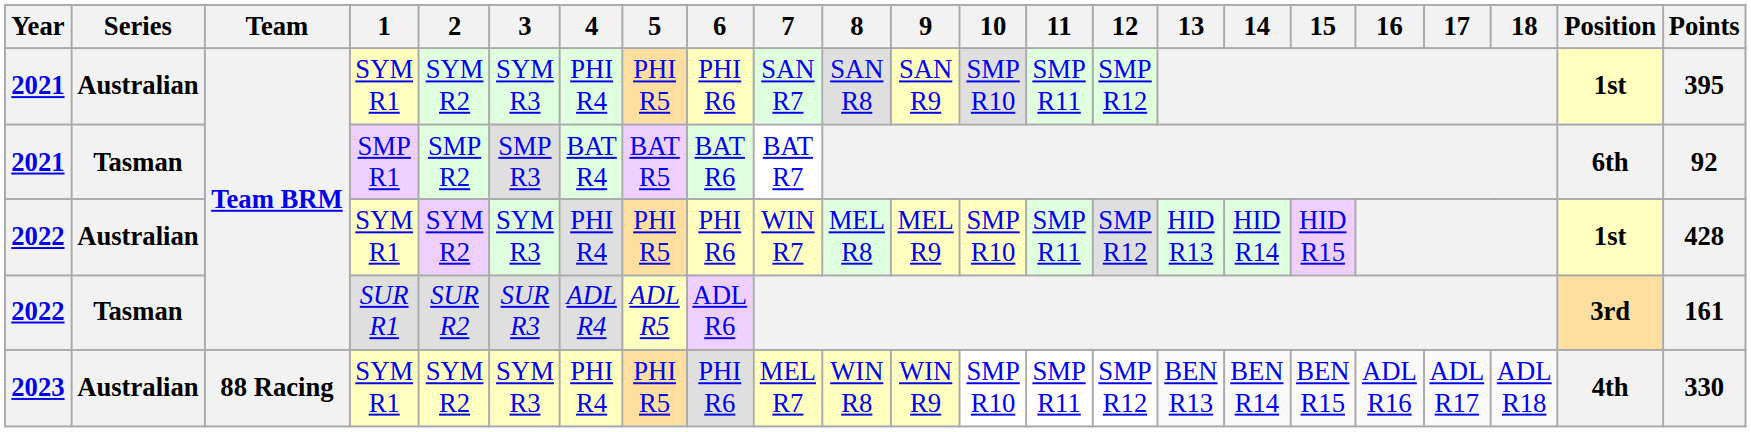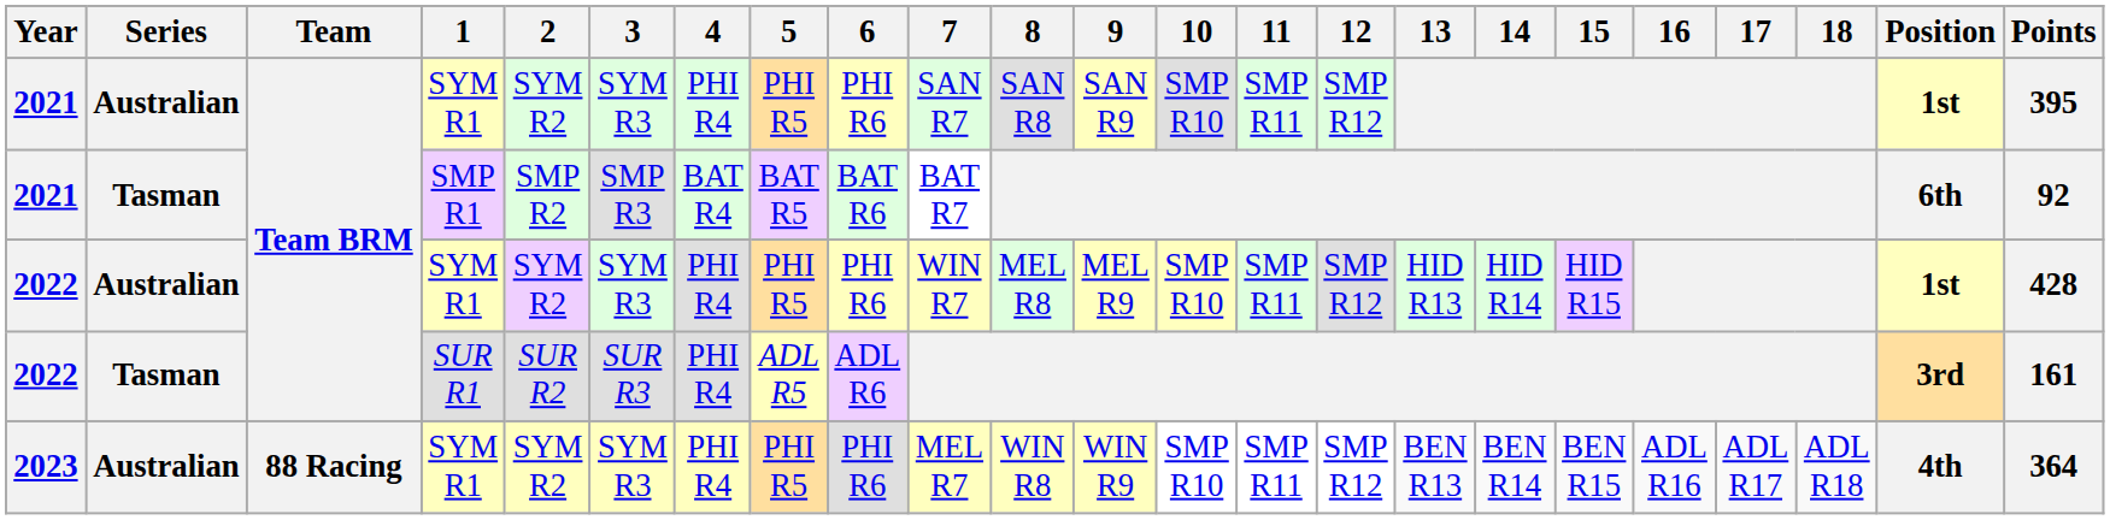 <table class="wikitable" style="text-align:center; font-size:85%">
 <tr>
 <th>Year</th>
 <th>Series</th>
 <th>Team</th>
 <th>1</th>
 <th>2</th>
 <th>3</th>
 <th>4</th>
 <th>5</th>
 <th>6</th>
 <th>7</th>
 <th>8</th>
 <th>9</th>
 <th>10</th>
 <th>11</th>
 <th>12</th>
 <th>13</th>
 <th>14</th>
 <th>15</th>
 <th>16</th>
 <th>17</th>
 <th>18</th>
 <th>Position</th>
 <th>Points</th>
 </tr>
 <tr>
 <th><a href='#'>2021</a></th>
 <th>Australian</th>
 <th rowspan=4 nowrap><a href='#'>Team BRM</a></th>
 <td style="background:#ffffbf"><a href='#'>SYM<br>R1</a><br></td>
 <td style="background:#dfffdf"><a href='#'>SYM<br>R2</a><br></td>
 <td style="background:#dfffdf"><a href='#'>SYM<br>R3</a><br></td>
 <td style="background:#dfffdf"><a href='#'>PHI<br>R4</a><br></td>
 <td style="background:#ffdf9f"><a href='#'>PHI<br>R5</a><br></td>
 <td style="background:#ffffbf"><a href='#'>PHI<br>R6</a><br></td>
 <td style="background:#dfffdf"><a href='#'>SAN<br>R7</a><br></td>
 <td style="background:#dfdfdf"><a href='#'>SAN<br>R8</a><br></td>
 <td style="background:#ffffbf"><a href='#'>SAN<br>R9</a><br></td>
 <td style="background:#dfdfdf"><a href='#'>SMP<br>R10</a><br></td>
 <td style="background:#dfffdf"><a href='#'>SMP<br>R11</a><br></td>
 <td style="background:#dfffdf"><a href='#'>SMP<br>R12</a><br></td>
 <th colspan=6></th>
 <th style="background:#ffffbf">1st</th>
 <th>395</th>
 </tr>
 <tr>
 <th><a href='#'>2021</a></th>
 <th>Tasman</th>
 <td style="background:#EFCFFF"><a href='#'>SMP<br>R1</a><br></td>
 <td style="background:#dfffdf"><a href='#'>SMP<br>R2</a><br></td>
 <td style="background:#dfdfdf"><a href='#'>SMP<br>R3</a><br></td>
 <td style="background:#dfffdf"><a href='#'>BAT<br>R4</a><br></td>
 <td style="background:#EFCFFF"><a href='#'>BAT<br>R5</a><br></td>
 <td style="background:#dfffdf"><a href='#'>BAT<br>R6</a><br></td>
 <td style="background:#ffffff"><a href='#'>BAT<br>R7</a><br></td>
 <th colspan=11></th>
 <th>6th</th>
 <th>92</th>
 </tr>
 <tr>
 <th><a href='#'>2022</a></th>
 <th>Australian</th>
 <td style="background:#ffffbf"><a href='#'>SYM<br>R1</a><br></td>
 <td style="background:#efcfff"><a href='#'>SYM<br>R2</a><br></td>
 <td style="background:#dfffdf"><a href='#'>SYM<br>R3</a><br></td>
 <td style="background:#dfdfdf"><a href='#'>PHI<br>R4</a><br></td>
 <td style="background:#ffdf9f"><a href='#'>PHI<br>R5</a><br></td>
 <td style="background:#ffffbf"><a href='#'>PHI<br>R6</a><br></td>
 <td style="background:#ffffbf"><a href='#'>WIN<br>R7</a><br></td>
 <td style="background:#dfffdf"><a href='#'>MEL<br>R8</a><br></td>
 <td style="background:#FFFFBF"><a href='#'>MEL<br>R9</a><br></td>
 <td style="background:#ffffbf"><a href='#'>SMP<br>R10</a><br></td>
 <td style="background:#dfffdf"><a href='#'>SMP<br>R11</a><br></td>
 <td style="background:#dfdfdf"><a href='#'>SMP<br>R12</a><br></td>
 <td style="background:#dfffdf"><a href='#'>HID<br>R13</a><br></td>
 <td style="background:#dfffdf"><a href='#'>HID<br>R14</a><br></td>
 <td style="background:#efcfff"><a href='#'>HID<br>R15</a><br></td>
 <th colspan=3></th>
 <th style="background:#FFFFBF"><strong>1st</strong></th>
 <th>428</th>
 </tr>
 <tr>
 <th><a href='#'>2022</a></th>
 <th>Tasman</th>
 <td style="background:#dfdfdf"><em><a href='#'>SUR<br>R1</a><br></em></td>
 <td style="background:#dfdfdf"><em><a href='#'>SUR<br>R2</a><br></em></td>
 <td style="background:#dfdfdf"><em><a href='#'>SUR<br>R3</a><br></em></td>
-<td style="background:#dfdfdf"><em><a href='#'>ADL<br>R4</a><br></em></td>
+<td style="background:#dfdfdf"><a href='#'>PHI<br>R4</a><br></td>
 <td style="background:#FFFFBF"><em><a href='#'>ADL<br>R5</a><br></em></td>
 <td style="background:#efcfff"><a href='#'>ADL<br>R6</a><br></td>
 <th colspan=12></th>
 <th style="background:#FFDF9F"><strong>3rd</strong></th>
 <th>161</th>
 </tr>
 <tr>
 <th><a href='#'>2023</a></th>
 <th>Australian</th>
 <th>88 Racing</th>
 <td style="background:#ffffbf"><a href='#'>SYM<br>R1</a><br></td>
 <td style="background:#ffffbf"><a href='#'>SYM<br>R2</a><br></td>
 <td style="background:#ffffbf"><a href='#'>SYM<br>R3</a><br></td>
 <td style="background:#ffffbf"><a href='#'>PHI<br>R4</a><br></td>
 <td style="background:#ffdf9f"><a href='#'>PHI<br>R5</a><br></td>
 <td style="background:#dfdfdf"><a href='#'>PHI<br>R6</a><br></td>
 <td style="background:#FFFFBF"><a href='#'>MEL<br>R7</a><br></td>
 <td style="background:#ffffbf"><a href='#'>WIN<br>R8</a><br></td>
 <td style="background:#ffffbf"><a href='#'>WIN<br>R9</a><br></td>
 <td style="background:#ffffff"><a href='#'>SMP<br>R10</a><br></td>
 <td style="background:#ffffff"><a href='#'>SMP<br>R11</a><br></td>
 <td style="background:#ffffff"><a href='#'>SMP<br>R12</a><br></td>
 <td><a href='#'>BEN<br>R13</a></td>
 <td><a href='#'>BEN<br>R14</a></td>
 <td><a href='#'>BEN<br>R15</a></td>
 <td><a href='#'>ADL<br>R16</a></td>
 <td><a href='#'>ADL<br>R17</a></td>
 <td><a href='#'>ADL<br>R18</a></td>
 <th>4th</th>
-<th>330</th>
+<th>364</th>
 </tr>
 </table>
